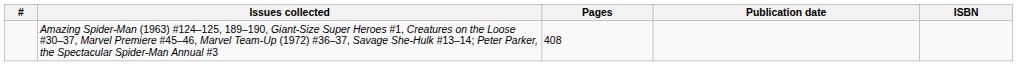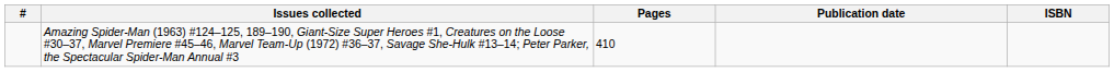 <table class="wikitable sortable" width=98%>
 <tr>
 <th class="unsortable">#</th>
 <th class="unsortable" width="50%">Issues collected</th>
 <th>Pages</th>
 <th>Publication date</th>
 <th class="unsortable">ISBN</th>
 </tr>
 <tr>
 <td></td>
 <td><em>Amazing Spider-Man</em> (1963) #124–125, 189–190, <em>Giant-Size Super Heroes</em> #1, <em>Creatures on the Loose</em> #30–37, <em>Marvel Premiere</em> #45–46, <em>Marvel Team-Up</em> (1972) #36–37, <em>Savage She-Hulk</em> #13–14; <em>Peter Parker, the Spectacular Spider-Man Annual</em> #3</td>
-<td>408</td>
+<td>410</td>
 <td></td>
 <td></td>
 </tr>
 </table>
